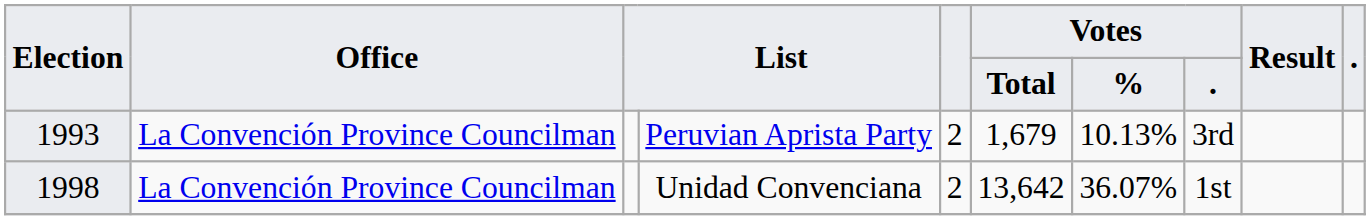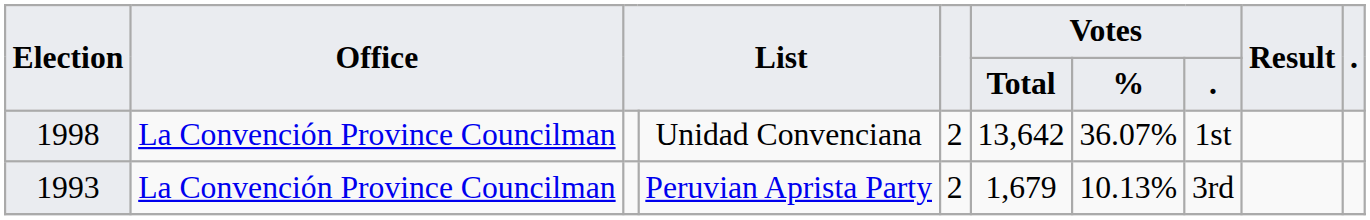 <table class="wikitable" style="font-size:90%; text-align:center;">
 <tr>
 <th style="background-color:#EAECF0;" rowspan=2>Election</th>
 <th style="background-color:#EAECF0;" rowspan=2>Office</th>
 <th style="background-color:#EAECF0;" colspan=2 rowspan=2>List</th>
 <th style="background-color:#EAECF0;" rowspan=2></th>
 <th style="background-color:#EAECF0;" colspan=3>Votes</th>
 <th style="background-color:#EAECF0;" rowspan=2>Result</th>
 <th style="background-color:#EAECF0;" rowspan=2>.</th>
 </tr>
 <tr>
 <th style="background-color:#EAECF0;">Total</th>
 <th style="background-color:#EAECF0;">%</th>
 <th style="background-color:#EAECF0;">.</th>
 </tr>
 <tr>
+<td style="background-color:#EAECF0;”">1998</td>
+<td><a href='#'>La Convención Province Councilman</a></td>
+<td style="background-color:"></td>
+<td>Unidad Convenciana</td>
+<td>2</td>
+<td>13,642</td>
+<td>36.07%</td>
+<td>1st</td>
+<td></td>
+<td></td>
+</tr>
+<tr>
 <td style="background-color:#EAECF0;">1993</td>
 <td><a href='#'>La Convención Province Councilman</a></td>
 <td style="background-color:"></td>
 <td><a href='#'>Peruvian Aprista Party</a></td>
 <td>2</td>
 <td>1,679</td>
 <td>10.13%</td>
 <td>3rd</td>
 <td></td>
 <td></td>
 </tr>
 <tr>
-<td style="background-color:#EAECF0;”">1998</td>
-<td><a href='#'>La Convención Province Councilman</a></td>
-<td style="background-color:"></td>
-<td>Unidad Convenciana</td>
-<td>2</td>
-<td>13,642</td>
-<td>36.07%</td>
-<td>1st</td>
-<td></td>
-<td></td>
-</tr>
-<tr>
 </tr>
 </table>
